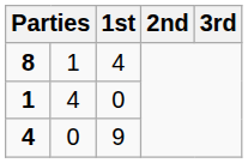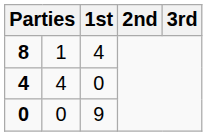 <table class="wikitable" style="text-align:center;">
 <tr>
 <th colspan=2 style="text-align:left;">Parties</th>
 <th>1st</th>
 <th>2nd</th>
 <th>3rd</th>
 </tr>
 <tr>
 <td><strong>8</strong></td>
 <td>1</td>
 <td>4</td>
 </tr>
 <tr>
-<td><strong>1</strong></td>
+<td><strong>4</strong></td>
 <td>4</td>
 <td>0</td>
 </tr>
 <tr>
-<td><strong>4</strong></td>
+<td><strong>0</strong></td>
 <td>0</td>
 <td>9</td>
 </tr>
 </table>
